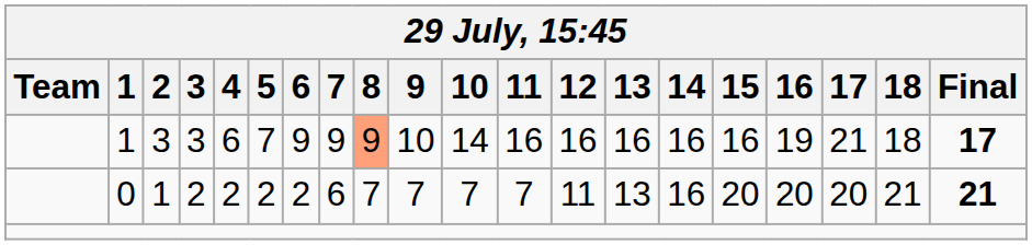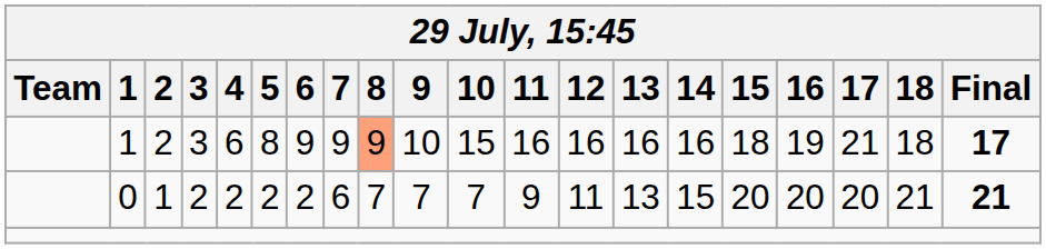 <table class=wikitable style="text-align:center; width: 55%">
 <tr>
 <th colspan=20><em>29 July, 15:45</em></th>
 </tr>
 <tr>
 <th>Team</th>
 <th>1</th>
 <th>2</th>
 <th>3</th>
 <th>4</th>
 <th>5</th>
 <th>6</th>
 <th>7</th>
 <th>8</th>
 <th>9</th>
 <th>10</th>
 <th>11</th>
 <th>12</th>
 <th>13</th>
 <th>14</th>
 <th>15</th>
 <th>16</th>
 <th>17</th>
 <th>18</th>
 <th>Final</th>
 </tr>
 <tr>
 <td align=left></td>
 <td>1</td>
-<td>3</td>
+<td>2</td>
 <td>3</td>
 <td>6</td>
-<td>7</td>
+<td>8</td>
 <td>9</td>
 <td>9</td>
 <td style="background: lightsalmon;">9</td>
 <td>10</td>
-<td>14</td>
+<td>15</td>
 <td>16</td>
 <td>16</td>
 <td>16</td>
 <td>16</td>
-<td>16</td>
+<td>18</td>
 <td>19</td>
 <td>21</td>
 <td>18</td>
 <td><strong>17</strong></td>
 </tr>
 <tr>
 <td align=left></td>
 <td>0</td>
 <td>1</td>
 <td>2</td>
 <td>2</td>
 <td>2</td>
 <td>2</td>
 <td>6</td>
 <td>7</td>
 <td>7</td>
 <td>7</td>
-<td>7</td>
+<td>9</td>
 <td>11</td>
 <td>13</td>
-<td>16</td>
+<td>15</td>
 <td>20</td>
 <td>20</td>
 <td>20</td>
 <td>21</td>
 <td><strong>21</strong></td>
 </tr>
 <tr>
 <td colspan=20></td>
 </tr>
 </table>
